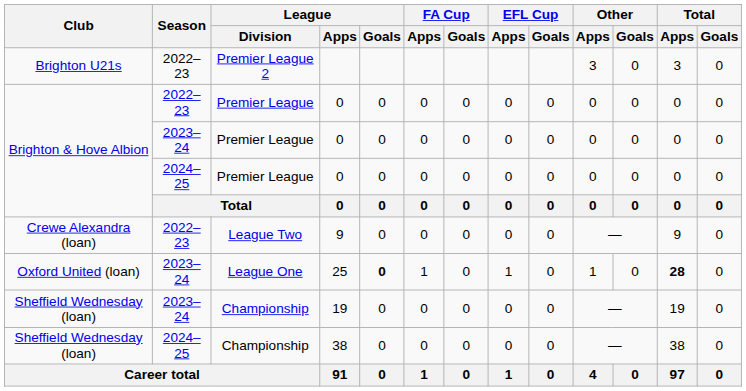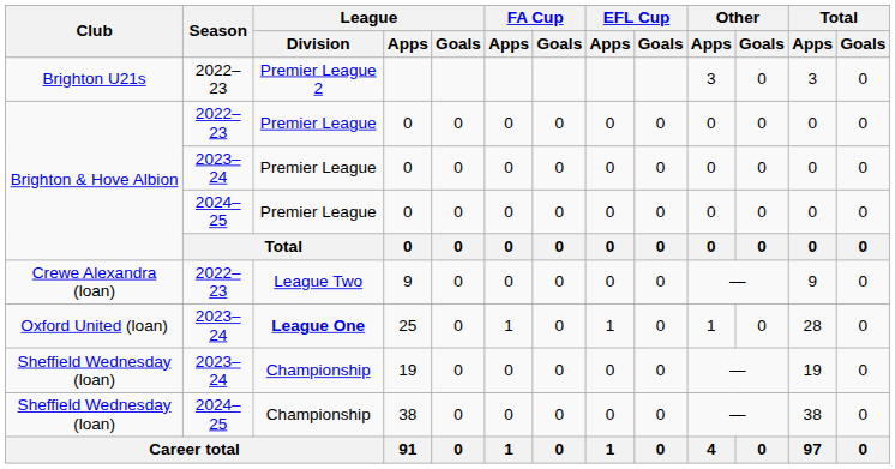 <table class="wikitable" style="text-align:center">
 <tr>
 <th rowspan="2">Club</th>
 <th rowspan="2">Season</th>
 <th colspan="3">League</th>
 <th colspan="2"><a href='#'>FA Cup</a></th>
 <th colspan="2"><a href='#'>EFL Cup</a></th>
 <th colspan="2">Other</th>
 <th colspan="2">Total</th>
 </tr>
 <tr>
 <th>Division</th>
 <th>Apps</th>
 <th>Goals</th>
 <th>Apps</th>
 <th>Goals</th>
 <th>Apps</th>
 <th>Goals</th>
 <th>Apps</th>
 <th>Goals</th>
 <th>Apps</th>
 <th>Goals</th>
 </tr>
 <tr>
 <td><a href='#'>Brighton U21s</a></td>
 <td>2022–23</td>
 <td><a href='#'>Premier League 2</a></td>
 <td></td>
 <td></td>
 <td></td>
 <td></td>
 <td></td>
 <td></td>
 <td>3</td>
 <td>0</td>
 <td>3</td>
 <td>0</td>
 </tr>
 <tr>
 <td rowspan=4><a href='#'>Brighton & Hove Albion</a></td>
 <td><a href='#'>2022–23</a></td>
 <td><a href='#'>Premier League</a></td>
 <td>0</td>
 <td>0</td>
 <td>0</td>
 <td>0</td>
 <td>0</td>
 <td>0</td>
 <td>0</td>
 <td>0</td>
 <td>0</td>
 <td>0</td>
 </tr>
 <tr>
 <td><a href='#'>2023–24</a></td>
 <td>Premier League</td>
 <td>0</td>
 <td>0</td>
 <td>0</td>
 <td>0</td>
 <td>0</td>
 <td>0</td>
 <td>0</td>
 <td>0</td>
 <td>0</td>
 <td>0</td>
 </tr>
 <tr>
 <td><a href='#'>2024–25</a></td>
 <td>Premier League</td>
 <td>0</td>
 <td>0</td>
 <td>0</td>
 <td>0</td>
 <td>0</td>
 <td>0</td>
 <td>0</td>
 <td>0</td>
 <td>0</td>
 <td>0</td>
 </tr>
 <tr>
 <th colspan="2">Total</th>
 <th>0</th>
 <th>0</th>
 <th>0</th>
 <th>0</th>
 <th>0</th>
 <th>0</th>
 <th>0</th>
 <th>0</th>
 <th>0</th>
 <th>0</th>
 </tr>
 <tr>
 <td><a href='#'>Crewe Alexandra</a> (loan)</td>
 <td><a href='#'>2022–23</a></td>
 <td><a href='#'>League Two</a></td>
 <td>9</td>
 <td>0</td>
 <td>0</td>
 <td>0</td>
 <td>0</td>
 <td>0</td>
 <td colspan="2">—</td>
 <td>9</td>
 <td>0</td>
 </tr>
 <tr>
 <td><a href='#'>Oxford United</a> (loan)</td>
 <td><a href='#'>2023–24</a></td>
-<td><a href='#'>League One</a></td>
+<td><strong><a href='#'>League One</a></strong></td>
 <td>25</td>
-<td><strong>0</strong></td>
+<td>0</td>
 <td>1</td>
 <td>0</td>
 <td>1</td>
 <td>0</td>
 <td>1</td>
 <td>0</td>
-<td><strong>28</strong></td>
+<td>28</td>
 <td>0</td>
 </tr>
 <tr>
 <td><a href='#'>Sheffield Wednesday</a> (loan)</td>
 <td><a href='#'>2023–24</a></td>
 <td><a href='#'>Championship</a></td>
 <td>19</td>
 <td>0</td>
 <td>0</td>
 <td>0</td>
 <td>0</td>
 <td>0</td>
 <td colspan="2">—</td>
 <td>19</td>
 <td>0</td>
 </tr>
 <tr>
 <td><a href='#'>Sheffield Wednesday</a> (loan)</td>
 <td><a href='#'>2024–25</a></td>
 <td>Championship</td>
 <td>38</td>
 <td>0</td>
 <td>0</td>
 <td>0</td>
 <td>0</td>
 <td>0</td>
 <td colspan="2">—</td>
 <td>38</td>
 <td>0</td>
 </tr>
 <tr>
 <th colspan="3">Career total</th>
 <th>91</th>
 <th>0</th>
 <th>1</th>
 <th>0</th>
 <th>1</th>
 <th>0</th>
 <th>4</th>
 <th>0</th>
 <th>97</th>
 <th>0</th>
 </tr>
 </table>
